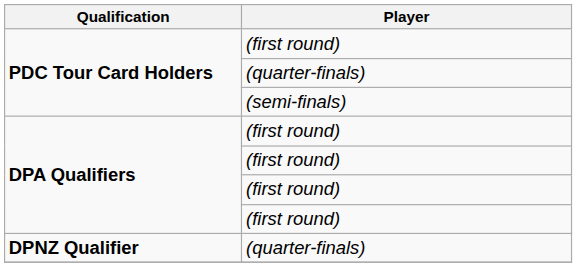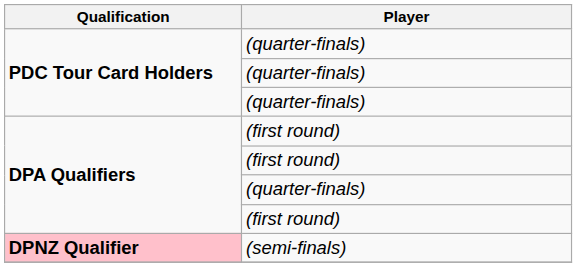 <table class="wikitable">
 <tr style="font-size:10pt;font-weight:bold">
 <th width="200">Qualification</th>
 <th width="280">Player</th>
 </tr>
 <tr>
 <td rowspan="3"><strong>PDC Tour Card Holders</strong></td>
-<td> <em>(first round)</em></td>
+<td> <em>(quarter-finals)</em></td>
 </tr>
 <tr>
 <td> <em>(quarter-finals)</em></td>
 </tr>
 <tr>
-<td> <em>(semi-finals)</em></td>
+<td> <em>(quarter-finals)</em></td>
 </tr>
 <tr>
 <td rowspan="4"><strong>DPA Qualifiers</strong></td>
 <td> <em>(first round)</em></td>
 </tr>
 <tr>
 <td> <em>(first round)</em></td>
 </tr>
 <tr>
-<td> <em>(first round)</em></td>
+<td> <em>(quarter-finals)</em></td>
 </tr>
 <tr>
 <td> <em>(first round)</em></td>
 </tr>
 <tr>
-<td><strong>DPNZ Qualifier</strong></td>
-<td> <em>(quarter-finals)</em></td>
+<td style="background: pink;"><strong>DPNZ Qualifier</strong></td>
+<td> <em>(semi-finals)</em></td>
 </tr>
 <tr>
 </tr>
 </table>
